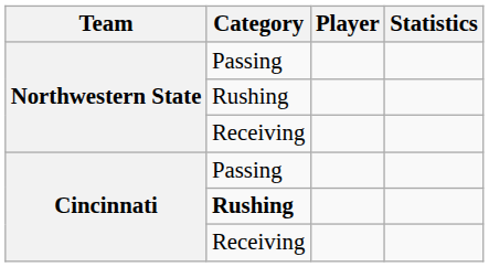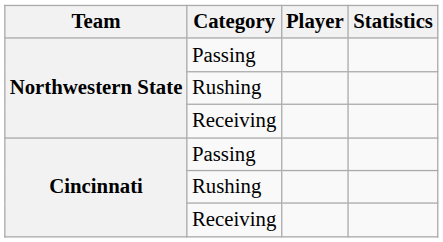 <table class="wikitable" style="float:right">
 <tr>
 <th>Team</th>
 <th>Category</th>
 <th>Player</th>
 <th>Statistics</th>
 </tr>
 <tr>
 <th rowspan=3>Northwestern State</th>
 <td>Passing</td>
 <td></td>
 <td></td>
 </tr>
 <tr>
 <td>Rushing</td>
 <td></td>
 <td></td>
 </tr>
 <tr>
 <td>Receiving</td>
 <td></td>
 <td></td>
 </tr>
 <tr>
 <th rowspan=3>Cincinnati</th>
 <td>Passing</td>
 <td></td>
 <td></td>
 </tr>
 <tr>
-<td><strong>Rushing</strong></td>
+<td>Rushing</td>
 <td></td>
 <td></td>
 </tr>
 <tr>
 <td>Receiving</td>
 <td></td>
 <td></td>
 </tr>
 </table>
